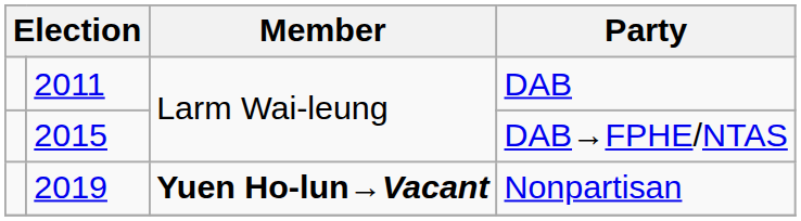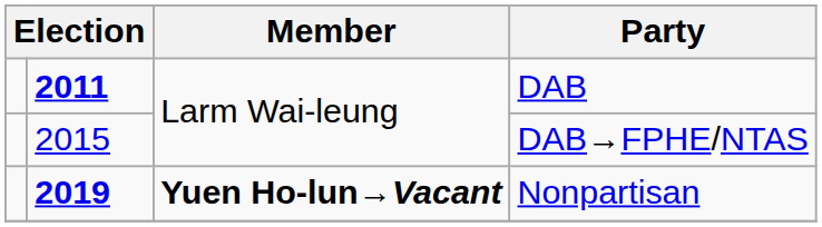 <table class="wikitable">
 <tr>
 <th colspan="2">Election</th>
 <th>Member</th>
 <th>Party</th>
 </tr>
 <tr>
 <td style="color:inherit;background:"></td>
-<td><a href='#'>2011</a></td>
+<td><strong><a href='#'>2011</a></strong></td>
 <td rowspan=2>Larm Wai-leung</td>
 <td><a href='#'>DAB</a></td>
 </tr>
 <tr>
 <td style="color:inherit;background:"></td>
 <td><a href='#'>2015</a></td>
 <td><a href='#'>DAB</a>→<a href='#'>FPHE</a>/<a href='#'>NTAS</a></td>
 </tr>
 <tr>
 <td style="color:inherit;background:"></td>
-<td><a href='#'>2019</a></td>
+<td><strong><a href='#'>2019</a></strong></td>
 <td><strong>Yuen Ho-lun→<em>Vacant</em></strong></td>
 <td><a href='#'>Nonpartisan</a></td>
 </tr>
 <tr>
 </tr>
 </table>
